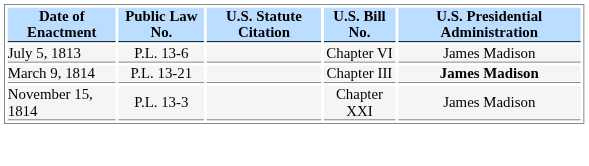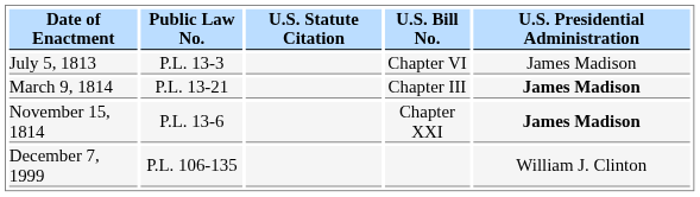 <table style="border:1px solid gray; align:left; width:100%" cellspacing=3 cellpadding=0>
 <tr style="font-weight:bold; text-align:center; background:#bbddff; color:black;">
 <th style=" border-bottom:1.5px solid black">Date of Enactment</th>
 <th style=" border-bottom:1.5px solid black">Public Law No.</th>
 <th style=" border-bottom:1.5px solid black">U.S. Statute Citation</th>
 <th style=" border-bottom:1.5px solid black">U.S. Bill No.</th>
 <th style=" border-bottom:1.5px solid black">U.S. Presidential Administration</th>
 </tr>
 <tr>
 <td style="border-bottom:1px solid gray; background:#F5F5F5;">July 5, 1813</td>
-<td style="border-bottom:1px solid gray; background:#F5F5F5; text-align:center;">P.L. 13-6</td>
+<td style="border-bottom:1px solid gray; background:#F5F5F5; text-align:center;">P.L. 13-3</td>
 <td style="border-bottom:1px solid gray; background:#F5F5F5; text-align:center;"></td>
 <td style="border-bottom:1px solid gray; background:#F5F5F5; text-align:center;">Chapter VI</td>
 <td style="border-bottom:1px solid gray; background:#F5F5F5; text-align:center;">James Madison</td>
 </tr>
 <tr>
 <td style="border-bottom:1px solid gray; background:#F5F5F5;">March 9, 1814</td>
 <td style="border-bottom:1px solid gray; background:#F5F5F5; text-align:center;">P.L. 13-21</td>
 <td style="border-bottom:1px solid gray; background:#F5F5F5; text-align:center;"></td>
 <td style="border-bottom:1px solid gray; background:#F5F5F5; text-align:center;">Chapter III</td>
 <td style="border-bottom:1px solid gray; background:#F5F5F5; text-align:center;"><strong>James Madison</strong></td>
 </tr>
 <tr>
 <td style="border-bottom:1px solid gray; background:#F5F5F5;">November 15, 1814</td>
-<td style="border-bottom:1px solid gray; background:#F5F5F5; text-align:center;">P.L. 13-3</td>
+<td style="border-bottom:1px solid gray; background:#F5F5F5; text-align:center;">P.L. 13-6</td>
 <td style="border-bottom:1px solid gray; background:#F5F5F5; text-align:center;"></td>
 <td style="border-bottom:1px solid gray; background:#F5F5F5; text-align:center;">Chapter XXI</td>
-<td style="border-bottom:1px solid gray; background:#F5F5F5; text-align:center;">James Madison</td>
+<td style="border-bottom:1px solid gray; background:#F5F5F5; text-align:center;"><strong>James Madison</strong></td>
+</tr>
+<tr>
+<td style="border-bottom:1px solid gray; background:#F5F5F5;">December 7, 1999</td>
+<td style="border-bottom:1px solid gray; background:#F5F5F5; text-align:center;">P.L. 106-135</td>
+<td style="border-bottom:1px solid gray; background:#F5F5F5; text-align:center;"></td>
+<td style="border-bottom:1px solid gray; background:#F5F5F5; text-align:center;"></td>
+<td style="border-bottom:1px solid gray; background:#F5F5F5; text-align:center;">William J. Clinton</td>
 </tr>
 </table>
